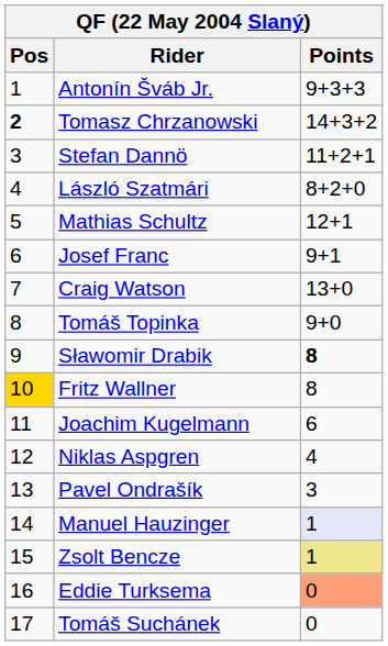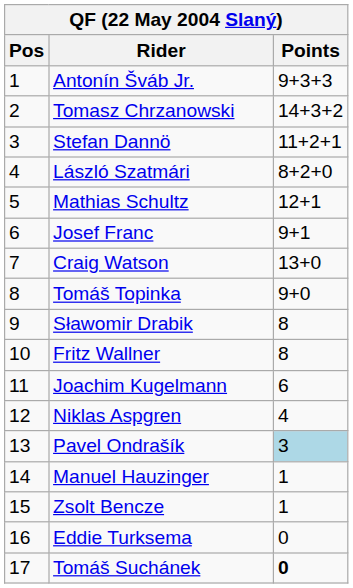 <table class="wikitable">
 <tr>
 <th colspan="6">QF (22 May 2004  <a href='#'>Slaný</a>)</th>
 </tr>
 <tr>
 <th width=20>Pos</th>
 <th width=180>Rider</th>
 <th width=40>Points</th>
 </tr>
 <tr>
 <td>1</td>
 <td style="text-align:left;"> <a href='#'>Antonín Šváb Jr.</a></td>
 <td>9+3+3</td>
 </tr>
 <tr>
-<td><strong>2</strong></td>
+<td>2</td>
 <td style="text-align:left;"> <a href='#'>Tomasz Chrzanowski</a></td>
 <td>14+3+2</td>
 </tr>
 <tr>
 <td>3</td>
 <td style="text-align:left;"> <a href='#'>Stefan Dannö</a></td>
 <td>11+2+1</td>
 </tr>
 <tr>
 <td>4</td>
 <td style="text-align:left;"> <a href='#'>László Szatmári</a></td>
 <td>8+2+0</td>
 </tr>
 <tr>
 <td>5</td>
 <td style="text-align:left;"> <a href='#'>Mathias Schultz</a></td>
 <td>12+1</td>
 </tr>
 <tr>
 <td>6</td>
 <td style="text-align:left;"> <a href='#'>Josef Franc</a></td>
 <td>9+1</td>
 </tr>
 <tr>
 <td>7</td>
 <td style="text-align:left;"> <a href='#'>Craig Watson</a></td>
 <td>13+0</td>
 </tr>
 <tr>
 <td>8</td>
 <td style="text-align:left;"> <a href='#'>Tomáš Topinka</a></td>
 <td>9+0</td>
 </tr>
 <tr>
 <td>9</td>
 <td style="text-align:left;"> <a href='#'>Sławomir Drabik</a></td>
-<td><strong>8</strong></td>
+<td>8</td>
 </tr>
 <tr>
-<td style="background: gold;">10</td>
+<td>10</td>
 <td style="text-align:left;"> <a href='#'>Fritz Wallner</a></td>
 <td>8</td>
 </tr>
 <tr>
 <td>11</td>
 <td style="text-align:left;"> <a href='#'>Joachim Kugelmann</a></td>
 <td>6</td>
 </tr>
 <tr>
 <td>12</td>
 <td style="text-align:left;"> <a href='#'>Niklas Aspgren</a></td>
 <td>4</td>
 </tr>
 <tr>
 <td>13</td>
 <td style="text-align:left;"> <a href='#'>Pavel Ondrašík</a></td>
-<td>3</td>
+<td style="background: lightblue;">3</td>
 </tr>
 <tr>
 <td>14</td>
 <td style="text-align:left;"> <a href='#'>Manuel Hauzinger</a></td>
-<td style="background: lavender;">1</td>
+<td>1</td>
 </tr>
 <tr>
 <td>15</td>
 <td style="text-align:left;"> <a href='#'>Zsolt Bencze</a></td>
-<td style="background: khaki;">1</td>
+<td>1</td>
 </tr>
 <tr>
 <td>16</td>
 <td style="text-align:left;"> <a href='#'>Eddie Turksema</a></td>
-<td style="background: lightsalmon;">0</td>
+<td>0</td>
 </tr>
 <tr>
 <td>17</td>
 <td style="text-align:left;"> <a href='#'>Tomáš Suchánek</a></td>
-<td>0</td>
+<td><strong>0</strong></td>
 </tr>
 </table>
